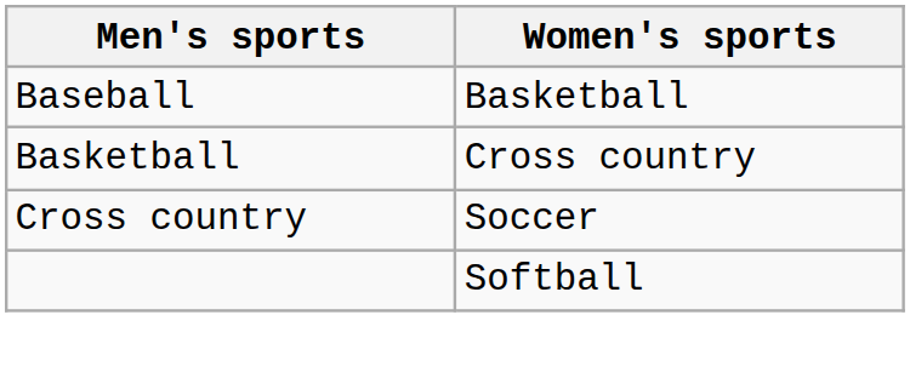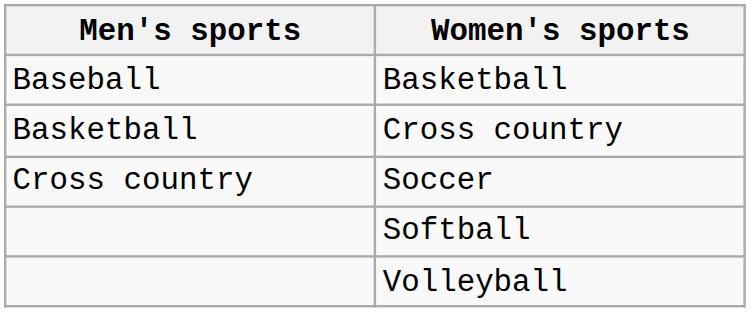 <table class="wikitable"; style= "text-align: ">
 <tr>
 <th width=150px>Men's sports</th>
 <th width=150px>Women's sports</th>
 </tr>
 <tr>
 <td>Baseball</td>
 <td>Basketball</td>
 </tr>
 <tr>
 <td>Basketball</td>
 <td>Cross country</td>
 </tr>
 <tr>
 <td>Cross country</td>
 <td>Soccer</td>
 </tr>
 <tr>
 <td></td>
 <td>Softball</td>
 </tr>
+<tr>
+<td></td>
+<td>Volleyball</td>
+</tr>
 </table>
